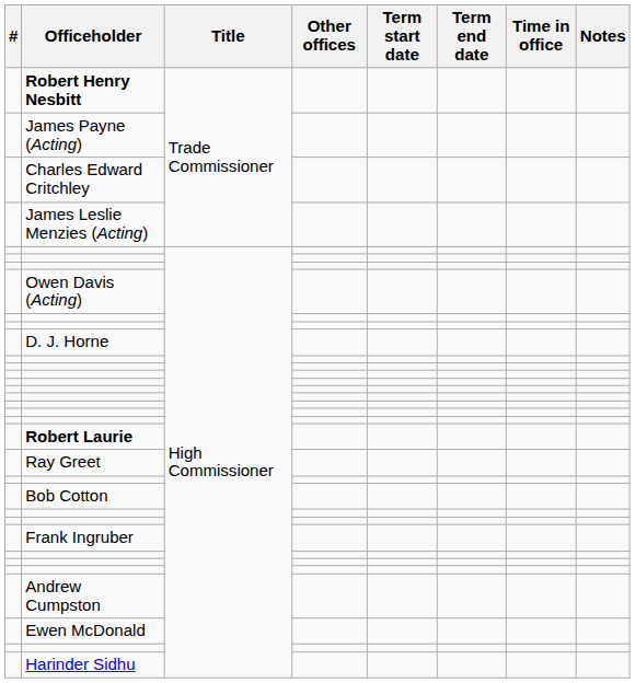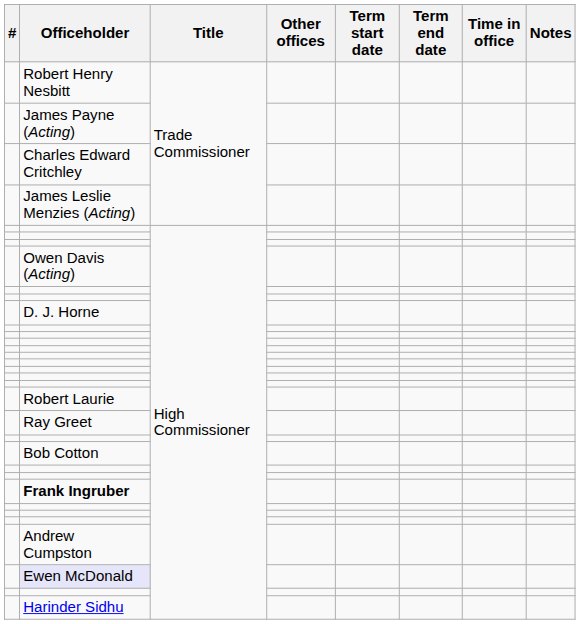 <table class='wikitable sortable'>
 <tr>
 <th>#</th>
 <th>Officeholder</th>
 <th>Title</th>
 <th>Other offices</th>
 <th>Term start date</th>
 <th>Term end date</th>
 <th>Time in office</th>
 <th>Notes</th>
 </tr>
 <tr>
 <td align=center></td>
-<td><strong>Robert Henry Nesbitt</strong></td>
+<td>Robert Henry Nesbitt</td>
 <td rowspan=4>Trade Commissioner</td>
 <td></td>
 <td align=center></td>
 <td align=center></td>
 <td align=right></td>
 <td></td>
 </tr>
 <tr>
 <td align=center></td>
 <td>James Payne (<em>Acting</em>)</td>
 <td></td>
 <td align=center></td>
 <td align=center></td>
 <td align=right></td>
 <td></td>
 </tr>
 <tr>
 <td align=center></td>
 <td>Charles Edward Critchley</td>
 <td></td>
 <td align=center></td>
 <td align=center></td>
 <td align=right></td>
 <td></td>
 </tr>
 <tr>
 <td align=center></td>
 <td>James Leslie Menzies (<em>Acting</em>)</td>
 <td></td>
 <td align=center></td>
 <td align=center></td>
 <td align=right></td>
 <td></td>
 </tr>
 <tr>
 <td align=center></td>
 <td></td>
 <td rowspan=31>High Commissioner</td>
 <td></td>
 <td align=center></td>
 <td align=center></td>
 <td align=right></td>
 <td></td>
 </tr>
 <tr>
 <td align=center></td>
 <td></td>
 <td></td>
 <td align=center></td>
 <td align=center></td>
 <td align=right><strong></strong></td>
 <td></td>
 </tr>
 <tr>
 <td align=center></td>
 <td></td>
 <td></td>
 <td align=center></td>
 <td align=center></td>
 <td align=right></td>
 <td></td>
 </tr>
 <tr>
 <td align=center></td>
 <td>Owen Davis (<em>Acting</em>)</td>
 <td></td>
 <td align=center></td>
 <td align=center></td>
 <td align=right></td>
 <td></td>
 </tr>
 <tr>
 <td align=center></td>
 <td></td>
 <td></td>
 <td align=center></td>
 <td align=center></td>
 <td align=right></td>
 <td></td>
 </tr>
 <tr>
 <td align=center></td>
 <td></td>
 <td></td>
 <td align=center></td>
 <td align=center></td>
 <td align=right></td>
 <td></td>
 </tr>
 <tr>
 <td align=center></td>
 <td>D. J. Horne</td>
 <td></td>
 <td align=center></td>
 <td align=center></td>
 <td align=right></td>
 <td></td>
 </tr>
 <tr>
 <td align=center></td>
 <td></td>
 <td></td>
 <td align=center></td>
 <td align=center></td>
 <td align=right></td>
 <td></td>
 </tr>
 <tr>
 <td align=center></td>
 <td></td>
 <td></td>
 <td align=center></td>
 <td align=center></td>
 <td align=right></td>
 <td></td>
 </tr>
 <tr>
 <td align=center></td>
 <td></td>
 <td></td>
 <td align=center></td>
 <td align=center></td>
 <td align=right></td>
 <td></td>
 </tr>
 <tr>
 <td align=center></td>
 <td></td>
 <td></td>
 <td align=center></td>
 <td align=center></td>
 <td align=right></td>
 <td></td>
 </tr>
 <tr>
 <td align=center></td>
 <td></td>
 <td></td>
 <td align=center></td>
 <td align=center></td>
 <td align=right></td>
 <td></td>
 </tr>
 <tr>
 <td align=center></td>
 <td></td>
 <td></td>
 <td align=center></td>
 <td align=center></td>
 <td align=right></td>
 <td></td>
 </tr>
 <tr>
 <td align=center></td>
 <td></td>
 <td></td>
 <td align=center></td>
 <td align=center></td>
 <td align=right></td>
 <td></td>
 </tr>
 <tr>
 <td align=center></td>
 <td></td>
 <td></td>
 <td align=center></td>
 <td align=center></td>
 <td align=right></td>
 <td></td>
 </tr>
 <tr>
 <td align=center></td>
 <td></td>
 <td></td>
 <td align=center></td>
 <td align=center></td>
 <td align=right></td>
 <td></td>
 </tr>
 <tr>
 <td align=center></td>
-<td><strong>Robert Laurie</strong></td>
+<td>Robert Laurie</td>
 <td></td>
 <td align=center></td>
 <td align=center></td>
 <td align=right></td>
 <td></td>
 </tr>
 <tr>
 <td align=center></td>
 <td>Ray Greet</td>
 <td></td>
 <td align=center></td>
 <td align=center></td>
 <td align=right></td>
 <td></td>
 </tr>
 <tr>
 <td align=center></td>
 <td></td>
 <td></td>
 <td align=center></td>
 <td align=center></td>
 <td align=right></td>
 <td></td>
 </tr>
 <tr>
 <td align=center></td>
 <td>Bob Cotton</td>
 <td></td>
 <td align=center></td>
 <td align=center></td>
 <td align=right></td>
 <td></td>
 </tr>
 <tr>
 <td align=center></td>
 <td></td>
 <td></td>
 <td align=center></td>
 <td align=center></td>
 <td align=right></td>
 <td></td>
 </tr>
 <tr>
 <td align=center></td>
 <td></td>
 <td></td>
 <td align=center></td>
 <td align=center></td>
 <td align=right></td>
 <td></td>
 </tr>
 <tr>
 <td align=center></td>
-<td>Frank Ingruber</td>
+<td><strong>Frank Ingruber</strong></td>
 <td></td>
 <td align=center></td>
 <td align=center></td>
 <td align=right></td>
 <td></td>
 </tr>
 <tr>
 <td align=center></td>
 <td></td>
 <td></td>
 <td align=center></td>
 <td align=center></td>
 <td align=right></td>
 <td></td>
 </tr>
 <tr>
 <td align=center></td>
 <td></td>
 <td></td>
 <td align=center></td>
 <td align=center></td>
 <td align=right></td>
 <td></td>
 </tr>
 <tr>
 <td align=center></td>
 <td></td>
 <td></td>
 <td align=center></td>
 <td align=center></td>
 <td align=right></td>
 <td></td>
 </tr>
 <tr>
 <td align=center></td>
 <td>Andrew Cumpston</td>
 <td></td>
 <td align=center></td>
 <td align=center></td>
 <td align=right></td>
 <td></td>
 </tr>
 <tr>
 <td align=center></td>
-<td>Ewen McDonald</td>
+<td style="background: lavender;">Ewen McDonald</td>
 <td></td>
 <td align=center></td>
 <td align=center></td>
 <td align=right></td>
 <td></td>
 </tr>
 <tr>
 <td align=center></td>
 <td></td>
 <td></td>
 <td align=center></td>
 <td align=center></td>
 <td align=right></td>
 <td></td>
 </tr>
 <tr>
 <td align=center></td>
 <td><a href='#'>Harinder Sidhu</a></td>
 <td></td>
 <td align=center></td>
 <td align=center></td>
 <td align=right></td>
 <td></td>
 </tr>
 </table>
